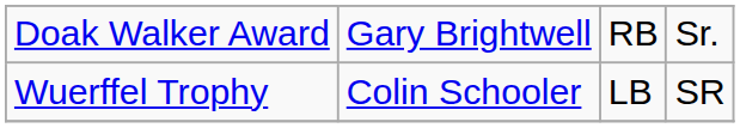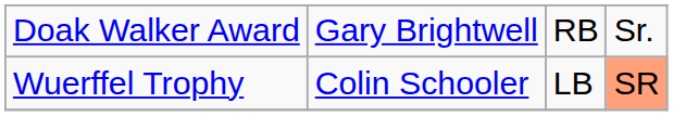 <table class="wikitable">
 <tr>
 <td><a href='#'>Doak Walker Award</a></td>
 <td><a href='#'>Gary Brightwell</a></td>
 <td>RB</td>
 <td>Sr.</td>
 </tr>
 <tr>
 <td><a href='#'>Wuerffel Trophy</a></td>
 <td><a href='#'>Colin Schooler</a></td>
 <td>LB</td>
-<td>SR</td>
+<td style="background: lightsalmon;">SR</td>
 </tr>
 <tr>
 </tr>
 </table>
